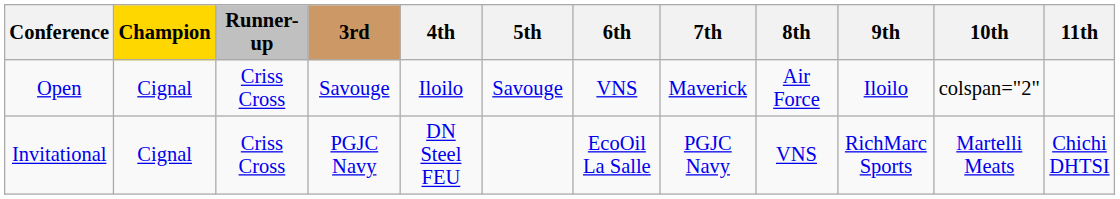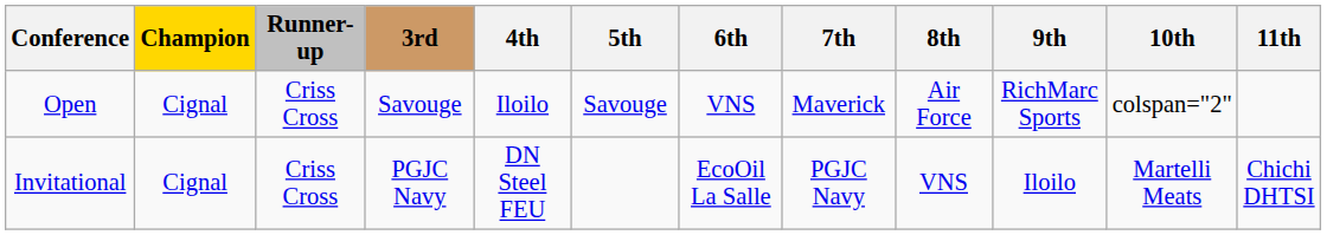 <table class="wikitable" style="text-align:center;">
 <tr>
 <th width=5%>Conference</th>
 <th width=9% style="background:gold;">Champion</th>
 <th width=9% style="background:silver;">Runner-up</th>
 <th width=9% style="background:#CC9966;">3rd</th>
 <th width=9%>4th</th>
 <th width=9%>5th</th>
 <th width=9%>6th</th>
 <th width=9%>7th</th>
 <th width=9%>8th</th>
 <th width=9%>9th</th>
 <th width=9%>10th</th>
 <th width=9%>11th</th>
 </tr>
 <tr>
 <td><a href='#'>Open</a></td>
 <td><a href='#'>Cignal</a></td>
 <td><a href='#'>Criss Cross</a></td>
 <td><a href='#'>Savouge</a></td>
 <td><a href='#'>Iloilo</a></td>
 <td><a href='#'>Savouge</a></td>
 <td><a href='#'>VNS</a></td>
 <td><a href='#'>Maverick</a></td>
 <td><a href='#'>Air Force</a></td>
-<td><a href='#'>Iloilo</a></td>
+<td><a href='#'>RichMarc<br>Sports</a></td>
 <td>colspan="2" </td>
 </tr>
 <tr>
 <td><a href='#'>Invitational</a></td>
 <td><a href='#'>Cignal</a></td>
 <td><a href='#'>Criss Cross</a></td>
 <td><a href='#'>PGJC<br>Navy</a></td>
 <td><a href='#'>DN Steel<br>FEU</a></td>
 <td></td>
 <td><a href='#'>EcoOil<br>La Salle</a></td>
 <td><a href='#'>PGJC<br>Navy</a></td>
 <td><a href='#'>VNS</a></td>
-<td><a href='#'>RichMarc<br>Sports</a></td>
+<td><a href='#'>Iloilo</a></td>
 <td><a href='#'>Martelli Meats</a></td>
 <td><a href='#'>Chichi DHTSI</a></td>
 </tr>
 </table>
